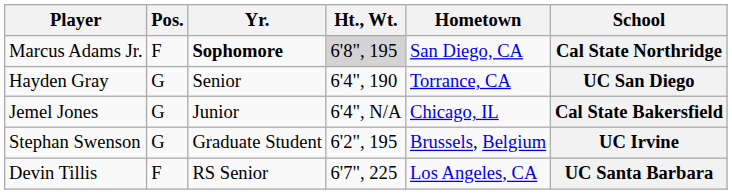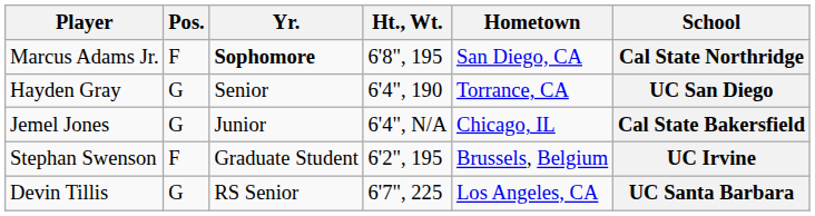 <table class="wikitable" style="white-space:nowrap; font-size:90%;">
 <tr>
 <th>Player</th>
 <th>Pos.</th>
 <th>Yr.</th>
 <th>Ht., Wt.</th>
 <th>Hometown</th>
 <th>School</th>
 </tr>
 <tr>
 <td>Marcus Adams Jr.</td>
 <td>F</td>
 <td><strong>Sophomore</strong></td>
-<td style="background: lightgrey;">6'8", 195</td>
+<td>6'8", 195</td>
 <td><a href='#'>San Diego, CA</a></td>
 <th>Cal State Northridge</th>
 </tr>
 <tr>
 <td>Hayden Gray</td>
 <td>G</td>
 <td>Senior</td>
 <td>6'4", 190</td>
 <td><a href='#'>Torrance, CA</a></td>
 <th>UC San Diego</th>
 </tr>
 <tr>
 <td>Jemel Jones</td>
 <td>G</td>
 <td>Junior</td>
 <td>6'4", N/A</td>
 <td><a href='#'>Chicago, IL</a></td>
 <th>Cal State Bakersfield</th>
 </tr>
 <tr>
 <td>Stephan Swenson</td>
-<td>G</td>
+<td>F</td>
 <td>Graduate Student</td>
 <td>6'2", 195</td>
 <td><a href='#'>Brussels</a>, <a href='#'>Belgium</a></td>
 <th>UC Irvine</th>
 </tr>
 <tr>
 <td>Devin Tillis</td>
-<td>F</td>
+<td>G</td>
 <td>RS Senior</td>
 <td>6'7", 225</td>
 <td><a href='#'>Los Angeles, CA</a></td>
 <th>UC Santa Barbara</th>
 </tr>
 </table>
